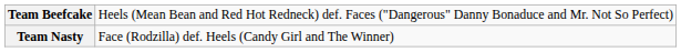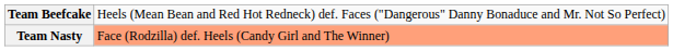 <table class="wikitable" border="1">
 <tr>
 <th>Team Beefcake</th>
 <td>Heels (Mean Bean and Red Hot Redneck) def. Faces ("Dangerous" Danny Bonaduce and Mr. Not So Perfect)</td>
 </tr>
 <tr>
 <th>Team Nasty</th>
-<td>Face (Rodzilla) def. Heels (Candy Girl and The Winner)</td>
+<td style="background: lightsalmon;">Face (Rodzilla) def. Heels (Candy Girl and The Winner)</td>
 </tr>
 </table>
